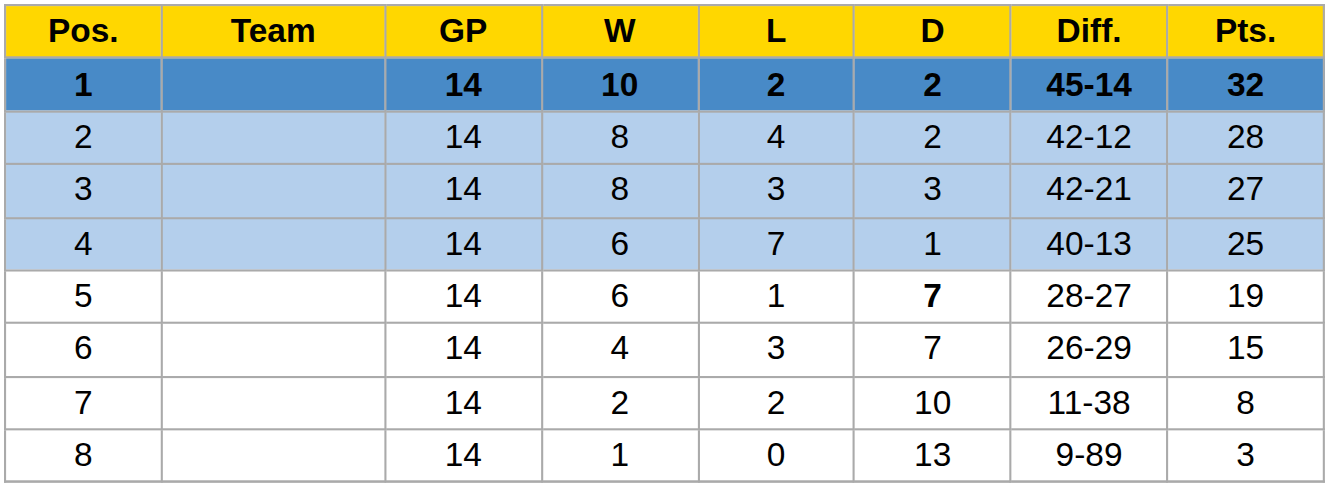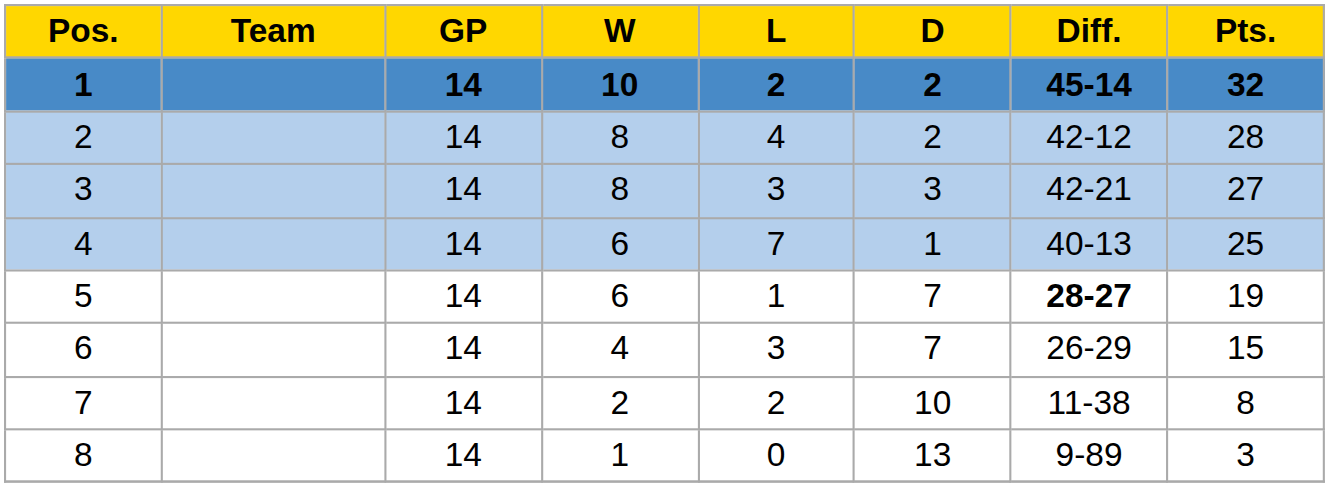 <table class="sortable wikitable" style="background:white; width:50%; text-align:left">
 <tr>
 <th style="background:gold; width:7%">Pos.</th>
 <th style="background:gold; width:10%">Team</th>
 <th style="background:gold; width:7%">GP</th>
 <th style="background:gold; width:7%">W</th>
 <th style="background:gold; width:7%">L</th>
 <th style="background:gold; width:7%">D</th>
 <th style="background:gold; width:7%">Diff.</th>
 <th style="background:gold; width:7%">Pts.</th>
 </tr>
 <tr bgcolor=#488AC7>
 <td align=center><strong>1</strong></td>
 <td><strong></strong></td>
 <td align=center><strong>14</strong></td>
 <td align=center><strong>10</strong></td>
 <td align=center><strong>2</strong></td>
 <td align=center><strong>2</strong></td>
 <td align=center><strong>45-14</strong></td>
 <td align=center><strong>32</strong></td>
 </tr>
 <tr bgcolor=#B4CFEC>
 <td align=center>2</td>
 <td></td>
 <td align=center>14</td>
 <td align=center>8</td>
 <td align=center>4</td>
 <td align=center>2</td>
 <td align=center>42-12</td>
 <td align=center>28</td>
 </tr>
 <tr bgcolor=#B4CFEC>
 <td align=center>3</td>
 <td></td>
 <td align=center>14</td>
 <td align=center>8</td>
 <td align=center>3</td>
 <td align=center>3</td>
 <td align=center>42-21</td>
 <td align=center>27</td>
 </tr>
 <tr bgcolor=#B4CFEC>
 <td align=center>4</td>
 <td></td>
 <td align=center>14</td>
 <td align=center>6</td>
 <td align=center>7</td>
 <td align=center>1</td>
 <td align=center>40-13</td>
 <td align=center>25</td>
 </tr>
 <tr>
 <td align=center>5</td>
 <td></td>
 <td align=center>14</td>
 <td align=center>6</td>
 <td align=center>1</td>
-<td align=center><strong>7</strong></td>
-<td align=center>28-27</td>
+<td align=center>7</td>
+<td align=center><strong>28-27</strong></td>
 <td align=center>19</td>
 </tr>
 <tr>
 <td align=center>6</td>
 <td></td>
 <td align=center>14</td>
 <td align=center>4</td>
 <td align=center>3</td>
 <td align=center>7</td>
 <td align=center>26-29</td>
 <td align=center>15</td>
 </tr>
 <tr>
 <td align=center>7</td>
 <td></td>
 <td align=center>14</td>
 <td align=center>2</td>
 <td align=center>2</td>
 <td align=center>10</td>
 <td align=center>11-38</td>
 <td align=center>8</td>
 </tr>
 <tr>
 <td align=center>8</td>
 <td></td>
 <td align=center>14</td>
 <td align=center>1</td>
 <td align=center>0</td>
 <td align=center>13</td>
 <td align=center>9-89</td>
 <td align=center>3</td>
 </tr>
 <tr>
 </tr>
 </table>
